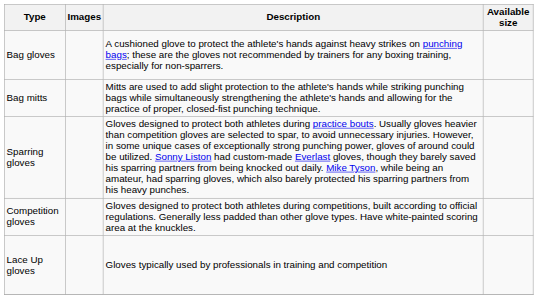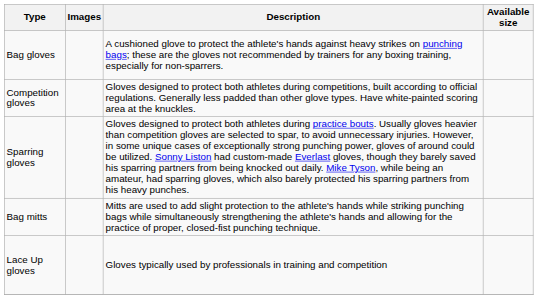 <table class="wikitable sortable">
 <tr>
 <th>Type</th>
 <th class="unsortable">Images</th>
 <th class="unsortable">Description</th>
 <th class="unsortable">Available size</th>
 </tr>
 <tr>
 <td>Bag gloves</td>
 <td></td>
 <td>A cushioned glove to protect the athlete's hands against heavy strikes on <a href='#'>punching bags</a>; these are the gloves not recommended by trainers for any boxing training, especially for non-sparrers.</td>
 <td><br><br><br><br></td>
 </tr>
 <tr>
-<td>Bag mitts</td>
+<td>Competition gloves</td>
 <td></td>
-<td>Mitts are used to add slight protection to the athlete's hands while striking punching bags while simultaneously strengthening the athlete's hands and allowing for the practice of proper, closed-fist punching technique.</td>
-<td></td>
+<td>Gloves designed to protect both athletes during competitions, built according to official regulations. Generally less padded than other glove types. Have white-painted scoring area at the knuckles.</td>
+<td><br><br><br> </td>
 </tr>
 <tr>
 <td>Sparring gloves</td>
 <td></td>
 <td>Gloves designed to protect both athletes during <a href='#'>practice bouts</a>. Usually gloves  heavier than competition gloves are selected to spar, to avoid unnecessary injuries. However, in some unique cases of exceptionally strong punching power, gloves of around  could be utilized. <a href='#'>Sonny Liston</a> had  custom-made <a href='#'>Everlast</a> gloves, though they barely saved his sparring partners from being knocked out daily. <a href='#'>Mike Tyson</a>, while being an amateur, had  sparring gloves, which also barely protected his sparring partners from his heavy punches.</td>
 <td><br><br><br><br><br><br><br></td>
 </tr>
 <tr>
-<td>Competition gloves</td>
+<td>Bag mitts</td>
 <td></td>
-<td>Gloves designed to protect both athletes during competitions, built according to official regulations. Generally less padded than other glove types. Have white-painted scoring area at the knuckles.</td>
-<td><br><br><br> </td>
+<td>Mitts are used to add slight protection to the athlete's hands while striking punching bags while simultaneously strengthening the athlete's hands and allowing for the practice of proper, closed-fist punching technique.</td>
+<td></td>
 </tr>
 <tr>
 <td>Lace Up gloves</td>
 <td></td>
 <td>Gloves typically used by professionals in training and competition</td>
 <td><br><br><br> <br> <br> </td>
 </tr>
 <tr>
 </tr>
 </table>
